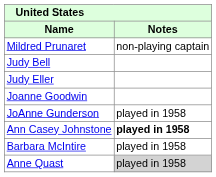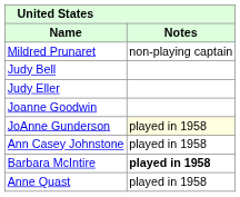 <table border="1" cellpadding="3" style="border-collapse: collapse;">
 <tr style="background:#ddffdd;">
 <td colspan="6">   <strong>United States</strong></td>
 </tr>
 <tr style="background:#ddffdd;">
 <th>Name</th>
 <th>Notes</th>
 </tr>
 <tr>
 <td><a href='#'>Mildred Prunaret</a></td>
 <td>non-playing captain</td>
 </tr>
 <tr>
 <td><a href='#'>Judy Bell</a></td>
 <td></td>
 </tr>
 <tr>
 <td><a href='#'>Judy Eller</a></td>
 <td></td>
 </tr>
 <tr>
 <td><a href='#'>Joanne Goodwin</a></td>
 <td></td>
 </tr>
 <tr>
 <td><a href='#'>JoAnne Gunderson</a></td>
+<td style="background: lightyellow;">played in 1958</td>
+</tr>
+<tr>
+<td><a href='#'>Ann Casey Johnstone</a></td>
 <td>played in 1958</td>
 </tr>
 <tr>
-<td><a href='#'>Ann Casey Johnstone</a></td>
+<td><a href='#'>Barbara McIntire</a></td>
 <td><strong>played in 1958</strong></td>
 </tr>
 <tr>
-<td><a href='#'>Barbara McIntire</a></td>
+<td><a href='#'>Anne Quast</a></td>
 <td>played in 1958</td>
 </tr>
-<tr>
-<td><a href='#'>Anne Quast</a></td>
-<td style="background: lightgrey;">played in 1958</td>
-</tr>
 </table>
